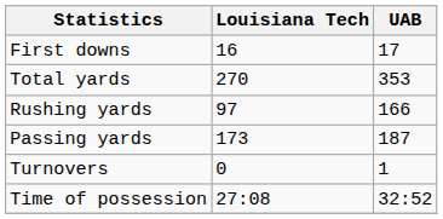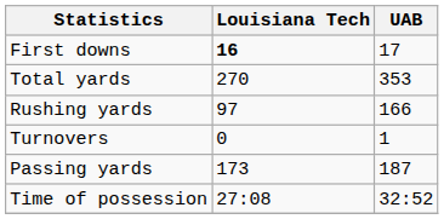 <table class="wikitable" style="float: left;">
 <tr>
 <th>Statistics</th>
 <th>Louisiana Tech</th>
 <th>UAB</th>
 </tr>
 <tr>
 <td>First downs</td>
-<td>16</td>
+<td><strong>16</strong></td>
 <td>17</td>
 </tr>
 <tr>
 <td>Total yards</td>
 <td>270</td>
 <td>353</td>
 </tr>
 <tr>
 <td>Rushing yards</td>
 <td>97</td>
 <td>166</td>
 </tr>
 <tr>
+<td>Turnovers</td>
+<td>0</td>
+<td>1</td>
+</tr>
+<tr>
 <td>Passing yards</td>
 <td>173</td>
 <td>187</td>
-</tr>
-<tr>
-<td>Turnovers</td>
-<td>0</td>
-<td>1</td>
 </tr>
 <tr>
 <td>Time of possession</td>
 <td>27:08</td>
 <td>32:52</td>
 </tr>
 <tr>
 </tr>
 </table>
